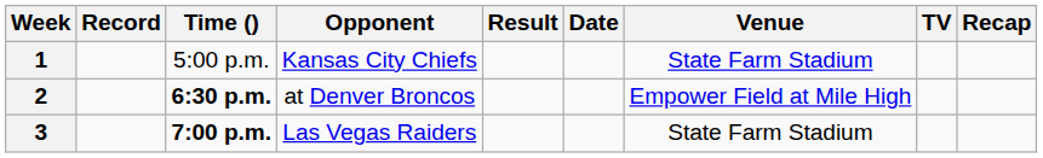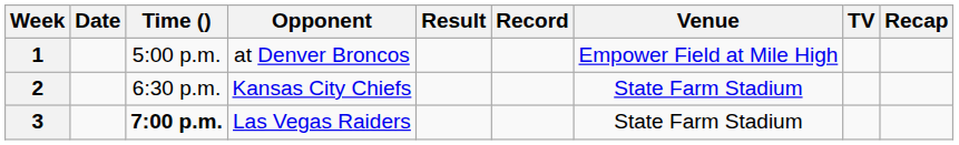 <table class="wikitable" style="text-align:center">
 <tr>
 <th>Week</th>
-<th>Record</th>
+<th>Date</th>
 <th>Time (<a href='#'></a>)</th>
 <th>Opponent</th>
 <th>Result</th>
-<th>Date</th>
+<th>Record</th>
 <th>Venue</th>
 <th>TV</th>
 <th>Recap</th>
 </tr>
 <tr>
 <th>1</th>
 <td></td>
 <td>5:00 p.m.</td>
-<td><a href='#'>Kansas City Chiefs</a></td>
+<td>at <a href='#'>Denver Broncos</a></td>
 <td></td>
 <td></td>
-<td><a href='#'>State Farm Stadium</a></td>
+<td><a href='#'>Empower Field at Mile High</a></td>
 <td></td>
 <td></td>
 </tr>
 <tr>
 <th>2</th>
 <td></td>
-<td><strong>6:30 p.m.</strong></td>
-<td>at <a href='#'>Denver Broncos</a></td>
+<td>6:30 p.m.</td>
+<td><a href='#'>Kansas City Chiefs</a></td>
 <td></td>
 <td></td>
-<td><a href='#'>Empower Field at Mile High</a></td>
+<td><a href='#'>State Farm Stadium</a></td>
 <td></td>
 <td></td>
 </tr>
 <tr>
 <th>3</th>
 <td></td>
 <td><strong>7:00 p.m.</strong></td>
 <td><a href='#'>Las Vegas Raiders</a></td>
 <td></td>
 <td></td>
 <td>State Farm Stadium</td>
 <td></td>
 <td></td>
 </tr>
 </table>
